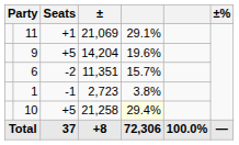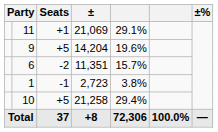 <table class=wikitable>
 <tr>
 <th colspan=2 align=center>Party</th>
 <th>Seats</th>
 <th>±</th>
 <th></th>
 <th></th>
 <th>±%</th>
 </tr>
 <tr>
 <td></td>
 <td align=right>11</td>
 <td align=right>+1</td>
 <td align=right>21,069</td>
 <td align=right>29.1%</td>
 <td align=right></td>
 </tr>
 <tr>
 <td></td>
 <td align=right>9</td>
 <td align=right>+5</td>
 <td align=right>14,204</td>
 <td align=right>19.6%</td>
 <td align=right></td>
 </tr>
 <tr>
 <td></td>
 <td align=right>6</td>
 <td align=right>-2</td>
 <td align=right>11,351</td>
 <td align=right>15.7%</td>
 <td align=right></td>
 </tr>
 <tr>
 <td></td>
 <td align=right>1</td>
 <td align=right>-1</td>
 <td align=right>2,723</td>
 <td align=right>3.8%</td>
 <td align=right></td>
 </tr>
 <tr>
 <td></td>
 <td align=right>10</td>
 <td align=right>+5</td>
 <td align=right>21,258</td>
-<td align=right style="background: lightyellow;">29.4%</td>
+<td align=right>29.4%</td>
 <td align=right></td>
 </tr>
 <tr style="font-weight:bold; background:rgb(232,232,232);">
 <td colspan=2 align=center>Total</td>
 <td align=right>37</td>
 <td align=center>+8</td>
 <td align=right>72,306</td>
 <td align=center>100.0%</td>
 <td align=center>—</td>
 </tr>
 </table>
